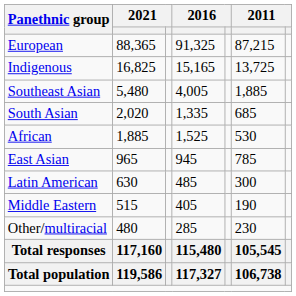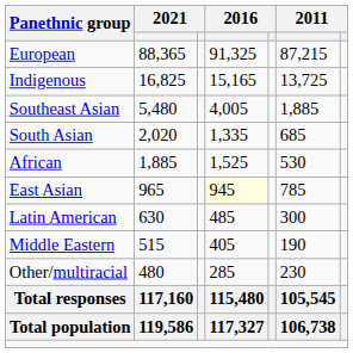 <table class="wikitable collapsible sortable">
 <tr>
 <th rowspan="2"><a href='#'>Panethnic</a> group</th>
 <th colspan="2">2021</th>
 <th colspan="2">2016</th>
 <th colspan="2">2011</th>
 </tr>
 <tr>
 <th><a href='#'></a></th>
 <th></th>
 <th></th>
 <th></th>
 <th></th>
 <th></th>
 </tr>
 <tr>
 <td><a href='#'>European</a></td>
 <td>88,365</td>
 <td></td>
 <td>91,325</td>
 <td></td>
 <td>87,215</td>
 <td></td>
 </tr>
 <tr>
 <td><a href='#'>Indigenous</a></td>
 <td>16,825</td>
 <td></td>
 <td>15,165</td>
 <td></td>
 <td>13,725</td>
 <td></td>
 </tr>
 <tr>
 <td><a href='#'>Southeast Asian</a></td>
 <td>5,480</td>
 <td></td>
 <td>4,005</td>
 <td></td>
 <td>1,885</td>
 <td></td>
 </tr>
 <tr>
 <td><a href='#'>South Asian</a></td>
 <td>2,020</td>
 <td></td>
 <td>1,335</td>
 <td></td>
 <td>685</td>
 <td></td>
 </tr>
 <tr>
 <td><a href='#'>African</a></td>
 <td>1,885</td>
 <td></td>
 <td>1,525</td>
 <td></td>
 <td>530</td>
 <td></td>
 </tr>
 <tr>
 <td><a href='#'>East Asian</a></td>
 <td>965</td>
 <td></td>
-<td>945</td>
+<td style="background: lightyellow;">945</td>
 <td></td>
 <td>785</td>
 <td></td>
 </tr>
 <tr>
 <td><a href='#'>Latin American</a></td>
 <td>630</td>
 <td></td>
 <td>485</td>
 <td></td>
 <td>300</td>
 <td></td>
 </tr>
 <tr>
 <td><a href='#'>Middle Eastern</a></td>
 <td>515</td>
 <td></td>
 <td>405</td>
 <td></td>
 <td>190</td>
 <td></td>
 </tr>
 <tr>
 <td>Other/<a href='#'>multiracial</a></td>
 <td>480</td>
 <td></td>
 <td>285</td>
 <td></td>
 <td>230</td>
 <td></td>
 </tr>
 <tr>
 <th>Total responses</th>
 <th>117,160</th>
 <th></th>
 <th>115,480</th>
 <th></th>
 <th>105,545</th>
 <th></th>
 </tr>
 <tr class="sortbottom">
 <th>Total population</th>
 <th>119,586</th>
 <th></th>
 <th>117,327</th>
 <th></th>
 <th>106,738</th>
 <th></th>
 </tr>
 <tr class="sortbottom">
 <td colspan="15"></td>
 </tr>
 </table>
